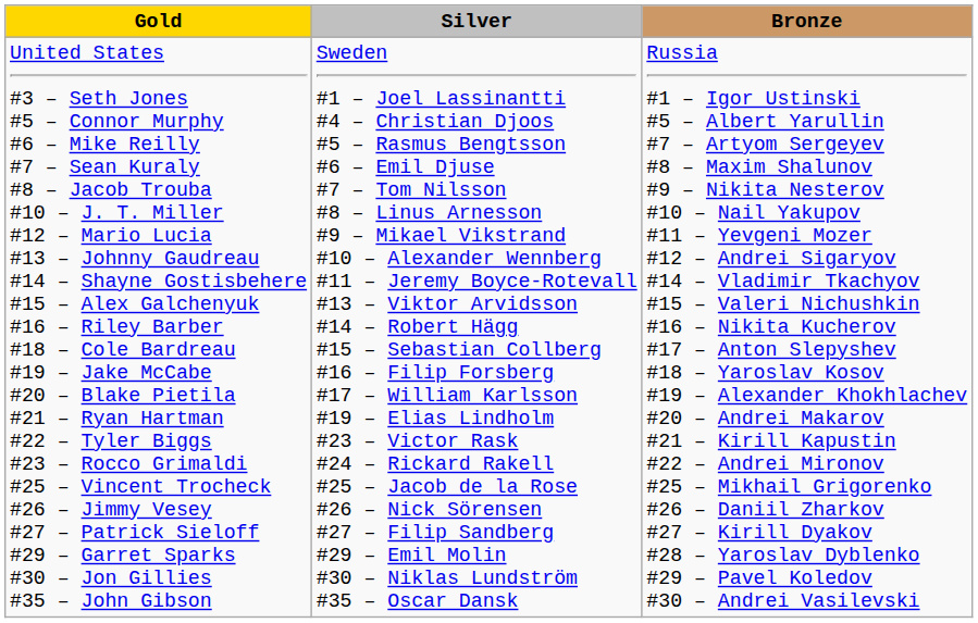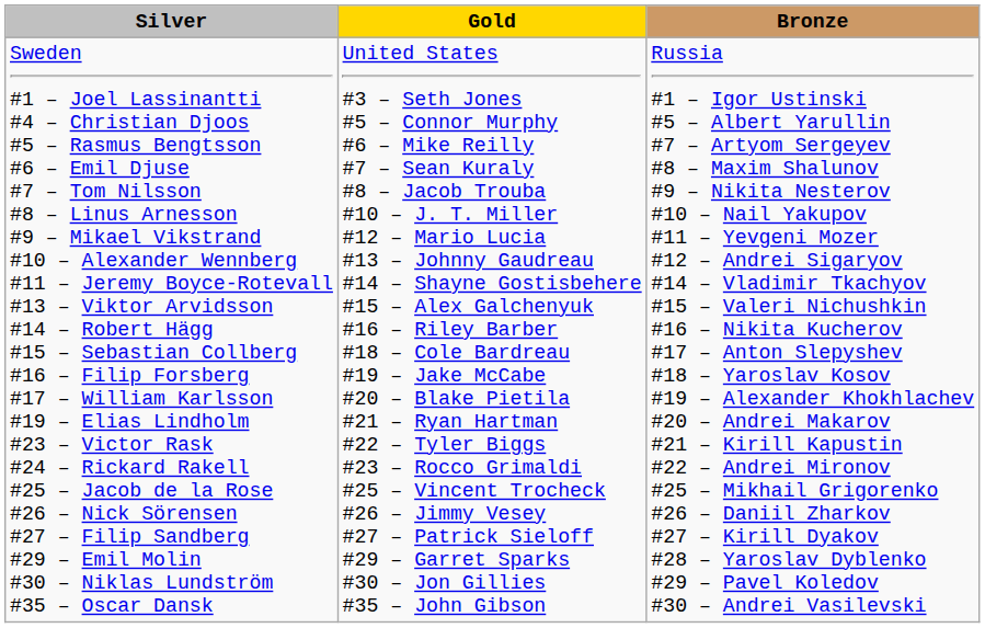 <table class="wikitable">
 <tr>
+<th style="background:silver;">Silver</th>
 <th style="background:gold;">Gold</th>
-<th style="background:silver;">Silver</th>
 <th style="background:#c96;">Bronze</th>
 </tr>
 <tr valign=top>
+<td> <a href='#'>Sweden</a><hr>  #1 – <a href='#'>Joel Lassinantti</a><br> #4 – <a href='#'>Christian Djoos</a><br> #5 – <a href='#'>Rasmus Bengtsson</a><br> #6 – <a href='#'>Emil Djuse</a><br> #7 – <a href='#'>Tom Nilsson</a><br> #8 – <a href='#'>Linus Arnesson</a><br> #9 – <a href='#'>Mikael Vikstrand</a><br> #10 – <a href='#'>Alexander Wennberg</a><br> #11 – <a href='#'>Jeremy Boyce-Rotevall</a><br> #13 – <a href='#'>Viktor Arvidsson</a><br> #14 – <a href='#'>Robert Hägg</a><br> #15 – <a href='#'>Sebastian Collberg</a><br> #16 – <a href='#'>Filip Forsberg</a><br> #17 – <a href='#'>William Karlsson</a><br> #19 – <a href='#'>Elias Lindholm</a><br> #23 – <a href='#'>Victor Rask</a><br> #24 – <a href='#'>Rickard Rakell</a><br> #25 – <a href='#'>Jacob de la Rose</a><br> #26 – <a href='#'>Nick Sörensen</a><br> #27 – <a href='#'>Filip Sandberg</a><br> #29 – <a href='#'>Emil Molin</a><br> #30 – <a href='#'>Niklas Lundström</a><br> #35 – <a href='#'>Oscar Dansk</a> <br></td>
 <td> <a href='#'>United States</a><hr>  #3 – <a href='#'>Seth Jones</a><br> #5 – <a href='#'>Connor Murphy</a> <br> #6 – <a href='#'>Mike Reilly</a><br> #7 – <a href='#'>Sean Kuraly</a><br> #8 – <a href='#'>Jacob Trouba</a> <br> #10 – <a href='#'>J. T. Miller</a><br> #12 – <a href='#'>Mario Lucia</a><br> #13 – <a href='#'>Johnny Gaudreau</a> <br> #14 – <a href='#'>Shayne Gostisbehere</a><br> #15 – <a href='#'>Alex Galchenyuk</a><br> #16 – <a href='#'>Riley Barber</a> <br> #18 – <a href='#'>Cole Bardreau</a><br> #19 – <a href='#'>Jake McCabe</a><br> #20 – <a href='#'>Blake Pietila</a> <br> #21 – <a href='#'>Ryan Hartman</a><br> #22 – <a href='#'>Tyler Biggs</a><br> #23 – <a href='#'>Rocco Grimaldi</a> <br> #25 – <a href='#'>Vincent Trocheck</a><br> #26 – <a href='#'>Jimmy Vesey</a><br> #27 – <a href='#'>Patrick Sieloff</a> <br> #29 – <a href='#'>Garret Sparks</a><br> #30 – <a href='#'>Jon Gillies</a><br> #35 – <a href='#'>John Gibson</a> <br></td>
-<td> <a href='#'>Sweden</a><hr>  #1 – <a href='#'>Joel Lassinantti</a><br> #4 – <a href='#'>Christian Djoos</a><br> #5 – <a href='#'>Rasmus Bengtsson</a><br> #6 – <a href='#'>Emil Djuse</a><br> #7 – <a href='#'>Tom Nilsson</a><br> #8 – <a href='#'>Linus Arnesson</a><br> #9 – <a href='#'>Mikael Vikstrand</a><br> #10 – <a href='#'>Alexander Wennberg</a><br> #11 – <a href='#'>Jeremy Boyce-Rotevall</a><br> #13 – <a href='#'>Viktor Arvidsson</a><br> #14 – <a href='#'>Robert Hägg</a><br> #15 – <a href='#'>Sebastian Collberg</a><br> #16 – <a href='#'>Filip Forsberg</a><br> #17 – <a href='#'>William Karlsson</a><br> #19 – <a href='#'>Elias Lindholm</a><br> #23 – <a href='#'>Victor Rask</a><br> #24 – <a href='#'>Rickard Rakell</a><br> #25 – <a href='#'>Jacob de la Rose</a><br> #26 – <a href='#'>Nick Sörensen</a><br> #27 – <a href='#'>Filip Sandberg</a><br> #29 – <a href='#'>Emil Molin</a><br> #30 – <a href='#'>Niklas Lundström</a><br> #35 – <a href='#'>Oscar Dansk</a> <br></td>
 <td> <a href='#'>Russia</a><hr> #1 – <a href='#'>Igor Ustinski</a><br> #5 – <a href='#'>Albert Yarullin</a><br> #7 – <a href='#'>Artyom Sergeyev</a><br> #8 – <a href='#'>Maxim Shalunov</a><br> #9 – <a href='#'>Nikita Nesterov</a><br> #10 – <a href='#'>Nail Yakupov</a><br> #11 – <a href='#'>Yevgeni Mozer</a><br> #12 – <a href='#'>Andrei Sigaryov</a><br> #14 – <a href='#'>Vladimir Tkachyov</a><br> #15 – <a href='#'>Valeri Nichushkin</a><br> #16 – <a href='#'>Nikita Kucherov</a><br> #17 – <a href='#'>Anton Slepyshev</a><br> #18 – <a href='#'>Yaroslav Kosov</a><br> #19 – <a href='#'>Alexander Khokhlachev</a><br> #20 – <a href='#'>Andrei Makarov</a><br> #21 – <a href='#'>Kirill Kapustin</a><br> #22 – <a href='#'>Andrei Mironov</a><br> #25 – <a href='#'>Mikhail Grigorenko</a><br> #26 – <a href='#'>Daniil Zharkov</a><br> #27 – <a href='#'>Kirill Dyakov</a><br> #28 – <a href='#'>Yaroslav Dyblenko</a><br> #29 – <a href='#'>Pavel Koledov</a><br> #30 – <a href='#'>Andrei Vasilevski</a></td>
 </tr>
 </table>
